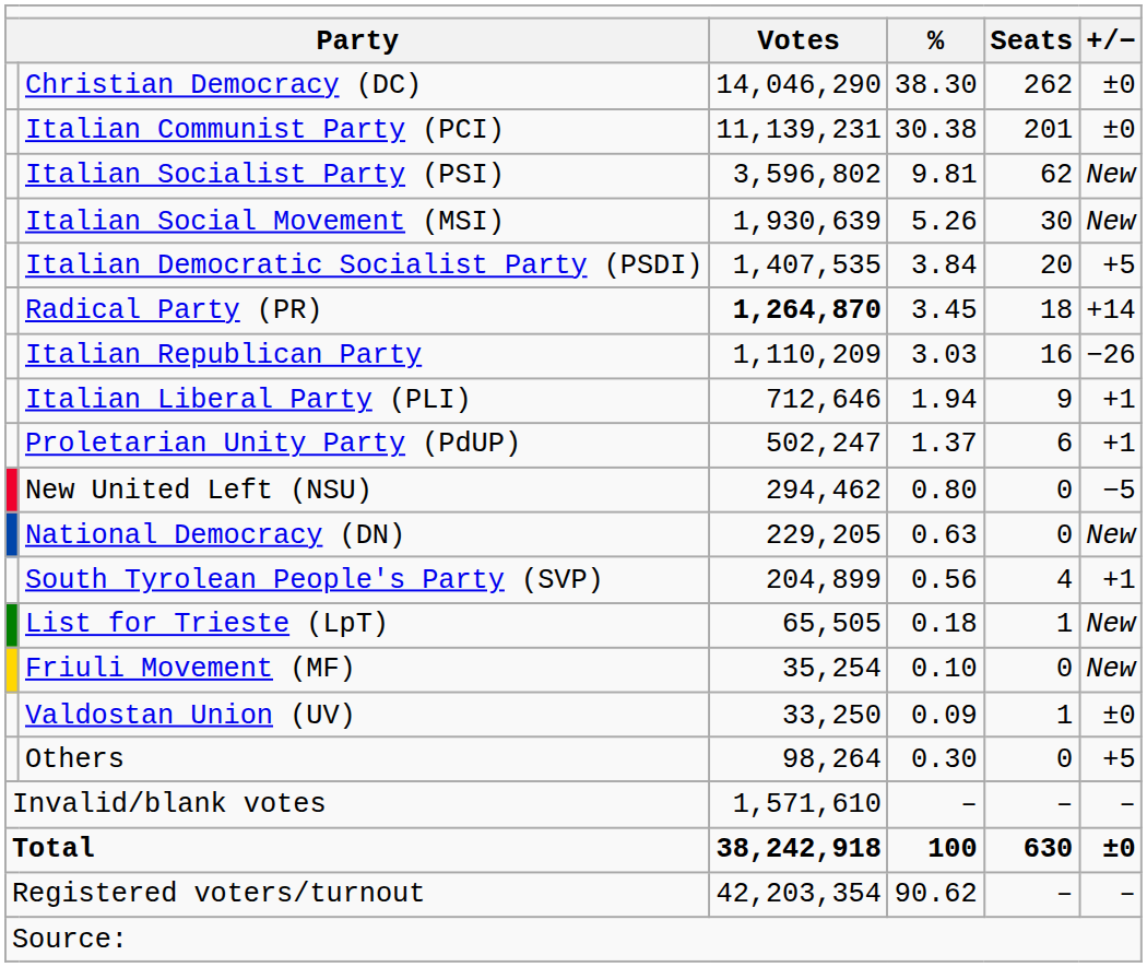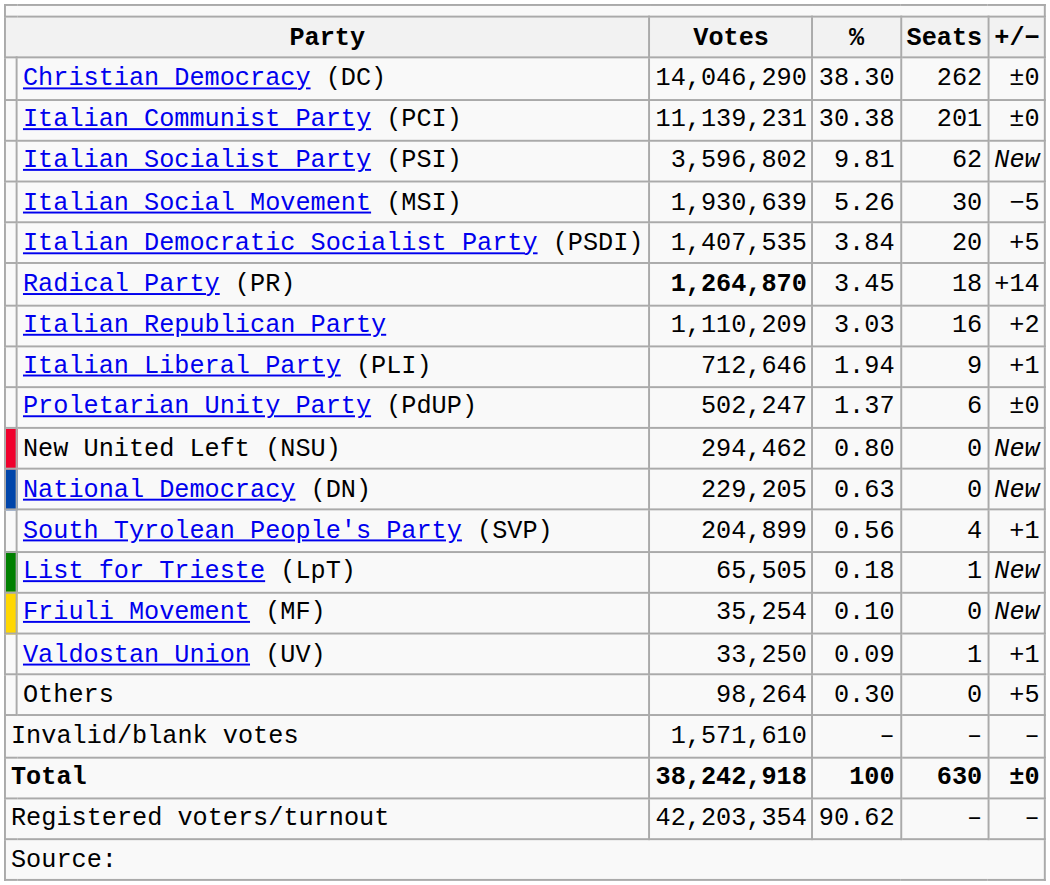 <table class="wikitable" style="text-align:right">
 <tr>
 <td colspan="6"></td>
 </tr>
 <tr>
 <th colspan=2>Party</th>
 <th>Votes</th>
 <th>%</th>
 <th>Seats</th>
 <th>+/−</th>
 </tr>
 <tr>
 <td style="background-color:"></td>
 <td align=left><a href='#'>Christian Democracy</a> (DC)</td>
 <td>14,046,290</td>
 <td>38.30</td>
 <td>262</td>
 <td>±0</td>
 </tr>
 <tr>
 <td style="background-color:"></td>
 <td align=left><a href='#'>Italian Communist Party</a> (PCI)</td>
 <td>11,139,231</td>
 <td>30.38</td>
 <td>201</td>
 <td>±0</td>
 </tr>
 <tr>
 <td style="background-color:"></td>
 <td align=left><a href='#'>Italian Socialist Party</a> (PSI)</td>
 <td>3,596,802</td>
 <td>9.81</td>
 <td>62</td>
 <td><em>New</em></td>
 </tr>
 <tr>
 <td style="background-color:"></td>
 <td align=left><a href='#'>Italian Social Movement</a> (MSI)</td>
 <td>1,930,639</td>
 <td>5.26</td>
 <td>30</td>
-<td><em>New</em></td>
+<td><span>−5</span></td>
 </tr>
 <tr>
 <td style="background-color:"></td>
 <td align=left><a href='#'>Italian Democratic Socialist Party</a> (PSDI)</td>
 <td>1,407,535</td>
 <td>3.84</td>
 <td>20</td>
 <td><span>+5</span></td>
 </tr>
 <tr>
 <td style="background-color:"></td>
 <td align=left><a href='#'>Radical Party</a> (PR)</td>
 <td><strong>1,264,870</strong></td>
 <td>3.45</td>
 <td>18</td>
 <td><span>+14</span></td>
 </tr>
 <tr>
 <td style="background-color:"></td>
 <td align=left><a href='#'>Italian Republican Party</a></td>
 <td>1,110,209</td>
 <td>3.03</td>
 <td>16</td>
-<td><span>−26</span></td>
+<td><span>+2</span></td>
 </tr>
 <tr>
 <td style="background-color:"></td>
 <td align=left><a href='#'>Italian Liberal Party</a> (PLI)</td>
 <td>712,646</td>
 <td>1.94</td>
 <td>9</td>
 <td><span>+1</span></td>
 </tr>
 <tr>
 <td style="background-color:"></td>
 <td align=left><a href='#'>Proletarian Unity Party</a> (PdUP)</td>
 <td>502,247</td>
 <td>1.37</td>
 <td>6</td>
-<td><span>+1</span></td>
+<td>±0</td>
 </tr>
 <tr>
 <td style="background-color:#F0002D"></td>
 <td align=left>New United Left (NSU)</td>
 <td>294,462</td>
 <td>0.80</td>
 <td>0</td>
-<td><span>−5</span></td>
+<td><em>New</em></td>
 </tr>
 <tr>
 <td style="background-color:#0045AA"></td>
 <td align=left><a href='#'>National Democracy</a> (DN)</td>
 <td>229,205</td>
 <td>0.63</td>
 <td>0</td>
 <td><em>New</em></td>
 </tr>
 <tr>
 <td style="background-color:"></td>
 <td align=left><a href='#'>South Tyrolean People's Party</a> (SVP)</td>
 <td>204,899</td>
 <td>0.56</td>
 <td>4</td>
 <td><span>+1</span></td>
 </tr>
 <tr>
 <td style="background-color:green"></td>
 <td align=left><a href='#'>List for Trieste</a> (LpT)</td>
 <td>65,505</td>
 <td>0.18</td>
 <td>1</td>
 <td><em>New</em></td>
 </tr>
 <tr>
 <td style="background-color:gold"></td>
 <td align=left><a href='#'>Friuli Movement</a> (MF)</td>
 <td>35,254</td>
 <td>0.10</td>
 <td>0</td>
 <td><em>New</em></td>
 </tr>
 <tr>
 <td style="background-color:"></td>
 <td align=left><a href='#'>Valdostan Union</a> (UV)</td>
 <td>33,250</td>
 <td>0.09</td>
 <td>1</td>
-<td>±0</td>
+<td><span>+1</span></td>
 </tr>
 <tr>
 <td style="background-color:"></td>
 <td align=left>Others</td>
 <td>98,264</td>
 <td>0.30</td>
 <td>0</td>
 <td><span>+5</span></td>
 </tr>
 <tr>
 <td align=left colspan=2>Invalid/blank votes</td>
 <td>1,571,610</td>
 <td>–</td>
 <td>–</td>
 <td>–</td>
 </tr>
 <tr>
 <td align=left colspan=2><strong>Total</strong></td>
 <td><strong>38,242,918</strong></td>
 <td><strong>100</strong></td>
 <td><strong>630</strong></td>
 <td><strong>±0</strong></td>
 </tr>
 <tr>
 <td align=left colspan=2>Registered voters/turnout</td>
 <td>42,203,354</td>
 <td>90.62</td>
 <td>–</td>
 <td>–</td>
 </tr>
 <tr>
 <td align=left colspan=6>Source: </td>
 </tr>
 </table>
